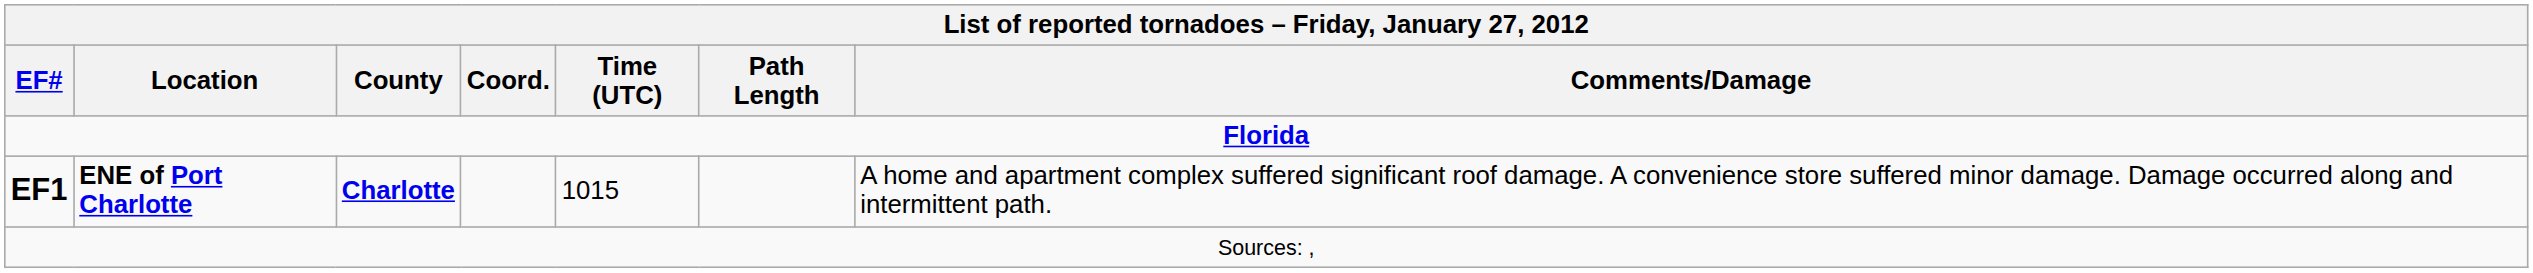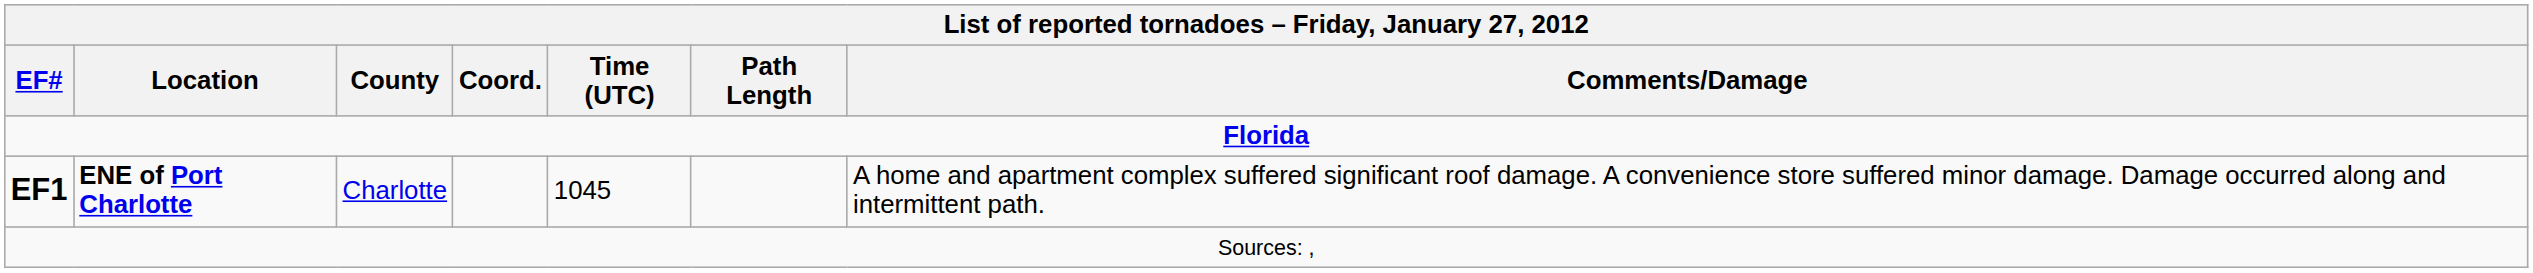 <table class="wikitable collapsible" width"100%">
 <tr>
 <th colspan="7">List of reported tornadoes – Friday, January 27, 2012</th>
 </tr>
 <tr>
 <th><a href='#'>EF#</a></th>
 <th>Location</th>
 <th>County</th>
 <th>Coord.</th>
 <th>Time (UTC)</th>
 <th>Path Length</th>
 <th>Comments/Damage</th>
 </tr>
 <tr>
 <td colspan="7" style="text-align:center;"><strong><a href='#'>Florida</a></strong></td>
 </tr>
 <tr>
 <td><big><strong>EF1</strong></big></td>
 <td><strong>ENE of <a href='#'>Port Charlotte</a></strong></td>
-<td><strong><a href='#'>Charlotte</a></strong></td>
+<td><a href='#'>Charlotte</a></td>
 <td></td>
-<td>1015</td>
+<td>1045</td>
 <td></td>
 <td>A home and apartment complex suffered significant roof damage. A convenience store suffered minor damage. Damage occurred along and intermittent path.</td>
 </tr>
 <tr>
 <td colspan="7" style="text-align:center;"><small>Sources: , </small></td>
 </tr>
 </table>
